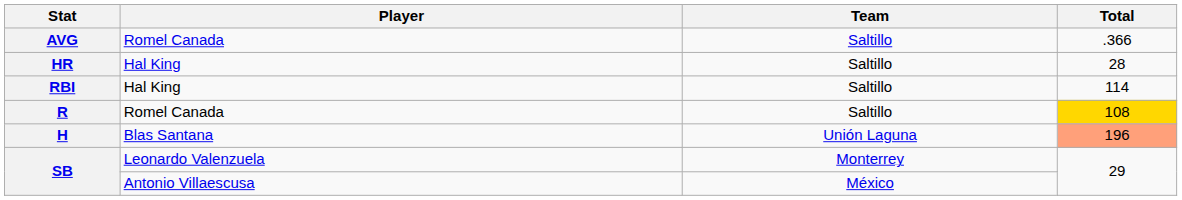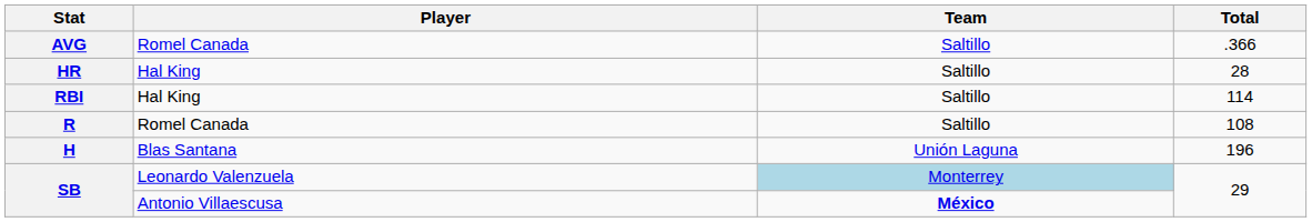 <table class="wikitable" style="text-align:center;">
 <tr>
 <th scope="col" width="3%">Stat</th>
 <th scope="col" width="15%">Player</th>
 <th scope="col" width="10%">Team</th>
 <th scope="col" width="3%">Total</th>
 </tr>
 <tr>
 <th scope="row" style="text-align:center;"><a href='#'>AVG</a></th>
 <td align=left> <a href='#'>Romel Canada</a></td>
 <td><a href='#'>Saltillo</a></td>
 <td>.366</td>
 </tr>
 <tr>
 <th scope="row" style="text-align:center;"><a href='#'>HR</a></th>
 <td align=left> <a href='#'>Hal King</a></td>
 <td>Saltillo</td>
 <td>28</td>
 </tr>
 <tr>
 <th scope="row" style="text-align:center;"><a href='#'>RBI</a></th>
 <td align=left> Hal King</td>
 <td>Saltillo</td>
 <td>114</td>
 </tr>
 <tr>
 <th scope="row" style="text-align:center;"><a href='#'>R</a></th>
 <td align=left> Romel Canada</td>
 <td>Saltillo</td>
-<td style="background: gold;">108</td>
+<td>108</td>
 </tr>
 <tr>
 <th scope="row" style="text-align:center;"><a href='#'>H</a></th>
 <td align=left> <a href='#'>Blas Santana</a></td>
 <td><a href='#'>Unión Laguna</a></td>
-<td style="background: lightsalmon;">196</td>
+<td>196</td>
 </tr>
 <tr>
 <th scope="row" style="text-align:center;" rowspan=2><a href='#'>SB</a></th>
 <td align=left> <a href='#'>Leonardo Valenzuela</a></td>
-<td><a href='#'>Monterrey</a></td>
+<td style="background: lightblue;"><a href='#'>Monterrey</a></td>
 <td rowspan=2>29</td>
 </tr>
 <tr>
 <td align=left> <a href='#'>Antonio Villaescusa</a></td>
-<td><a href='#'>México</a></td>
+<td><strong><a href='#'>México</a></strong></td>
 </tr>
 </table>
